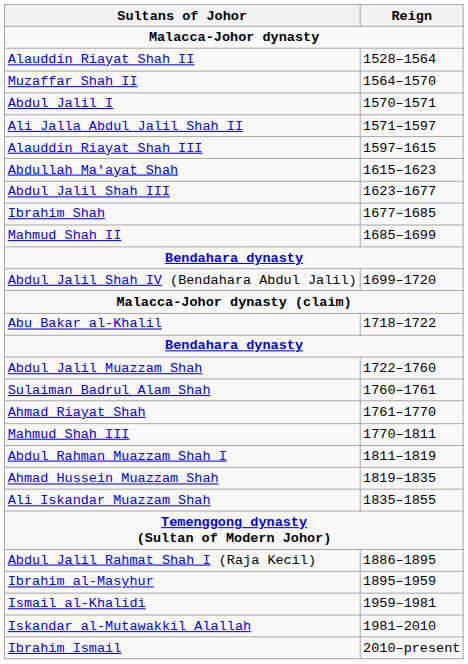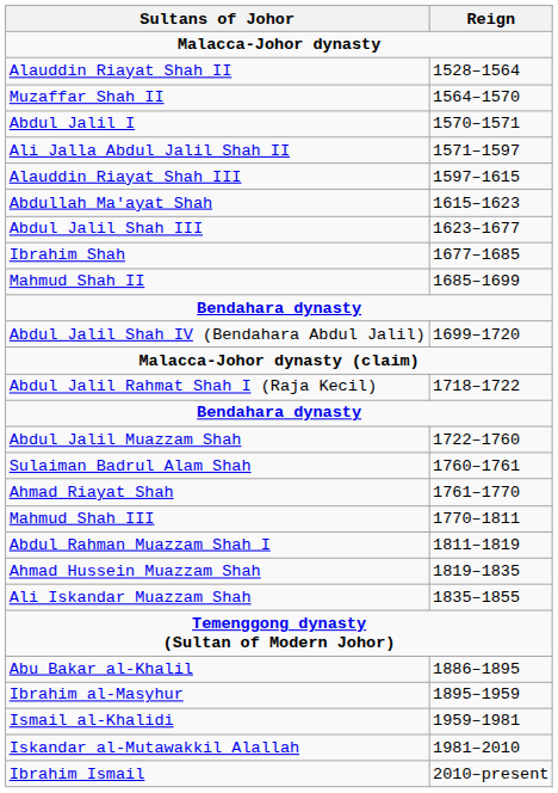 <table class="wikitable" Sultan of Modern Johor>
 <tr bgcolor="#CCCCCC">
 <th>Sultans of Johor</th>
 <th>Reign</th>
 </tr>
 <tr>
 <td colspan="2" align=center><strong>Malacca-Johor dynasty</strong></td>
 </tr>
 <tr>
 <td><a href='#'>Alauddin Riayat Shah II</a></td>
 <td>1528–1564</td>
 </tr>
 <tr>
 <td><a href='#'>Muzaffar Shah II</a></td>
 <td>1564–1570</td>
 </tr>
 <tr>
 <td><a href='#'>Abdul Jalil I</a></td>
 <td>1570–1571</td>
 </tr>
 <tr>
 <td><a href='#'>Ali Jalla Abdul Jalil Shah II</a></td>
 <td>1571–1597</td>
 </tr>
 <tr>
 <td><a href='#'>Alauddin Riayat Shah III</a></td>
 <td>1597–1615</td>
 </tr>
 <tr>
 <td><a href='#'>Abdullah Ma'ayat Shah</a></td>
 <td>1615–1623</td>
 </tr>
 <tr>
 <td><a href='#'>Abdul Jalil Shah III</a></td>
 <td>1623–1677</td>
 </tr>
 <tr>
 <td><a href='#'>Ibrahim Shah</a></td>
 <td>1677–1685</td>
 </tr>
 <tr>
 <td><a href='#'>Mahmud Shah II</a></td>
 <td>1685–1699</td>
 </tr>
 <tr>
 <td colspan="2" align=center><strong><a href='#'>Bendahara dynasty</a></strong></td>
 </tr>
 <tr>
 <td><a href='#'>Abdul Jalil Shah IV</a> (Bendahara Abdul Jalil)</td>
 <td>1699–1720</td>
 </tr>
 <tr>
 <td colspan="2" align=center><strong>Malacca-Johor dynasty (claim)</strong></td>
 </tr>
 <tr>
-<td><a href='#'>Abu Bakar al-Khalil</a></td>
+<td><a href='#'>Abdul Jalil Rahmat Shah I</a> (Raja Kecil)</td>
 <td>1718–1722</td>
 </tr>
 <tr>
 <td colspan="2" align=center><strong><a href='#'>Bendahara dynasty</a></strong></td>
 </tr>
 <tr>
 <td><a href='#'>Abdul Jalil Muazzam Shah</a></td>
 <td>1722–1760</td>
 </tr>
 <tr>
 <td><a href='#'>Sulaiman Badrul Alam Shah</a></td>
 <td>1760–1761</td>
 </tr>
 <tr>
 <td><a href='#'>Ahmad Riayat Shah</a></td>
 <td>1761–1770</td>
 </tr>
 <tr>
 <td><a href='#'>Mahmud Shah III</a></td>
 <td>1770–1811</td>
 </tr>
 <tr>
 <td><a href='#'>Abdul Rahman Muazzam Shah I</a></td>
 <td>1811–1819</td>
 </tr>
 <tr>
 <td><a href='#'>Ahmad Hussein Muazzam Shah</a></td>
 <td>1819–1835</td>
 </tr>
 <tr>
 <td><a href='#'>Ali Iskandar Muazzam Shah</a></td>
 <td>1835–1855</td>
 </tr>
 <tr>
 <td colspan="2" align=center><strong><a href='#'>Temenggong dynasty</a> <br>(Sultan of Modern Johor)</strong></td>
 </tr>
 <tr>
-<td><a href='#'>Abdul Jalil Rahmat Shah I</a> (Raja Kecil)</td>
+<td><a href='#'>Abu Bakar al-Khalil</a></td>
 <td>1886–1895</td>
 </tr>
 <tr>
 <td><a href='#'>Ibrahim al-Masyhur</a></td>
 <td>1895–1959</td>
 </tr>
 <tr>
 <td><a href='#'>Ismail al-Khalidi</a></td>
 <td>1959–1981</td>
 </tr>
 <tr>
 <td><a href='#'>Iskandar al-Mutawakkil Alallah</a></td>
 <td>1981–2010</td>
 </tr>
 <tr>
 <td><a href='#'>Ibrahim Ismail</a></td>
 <td>2010–present</td>
 </tr>
 </table>
